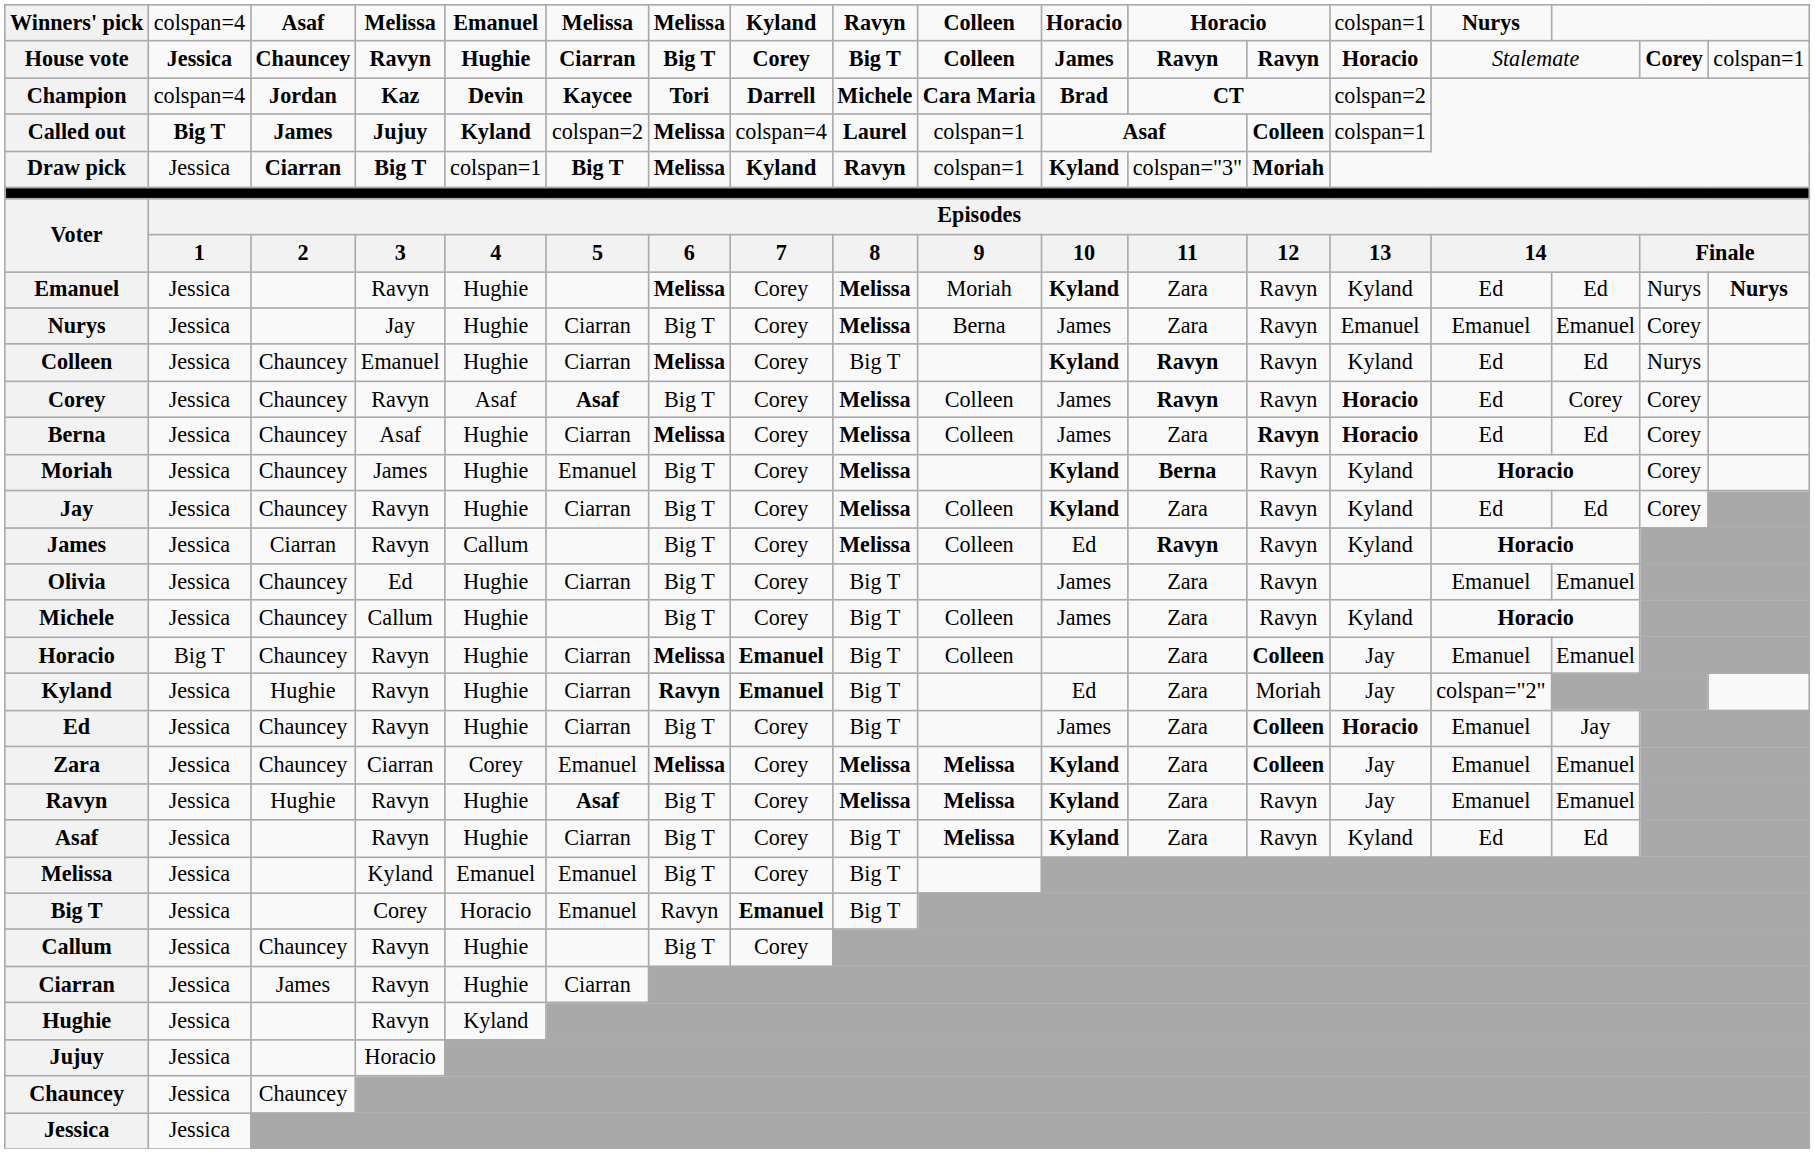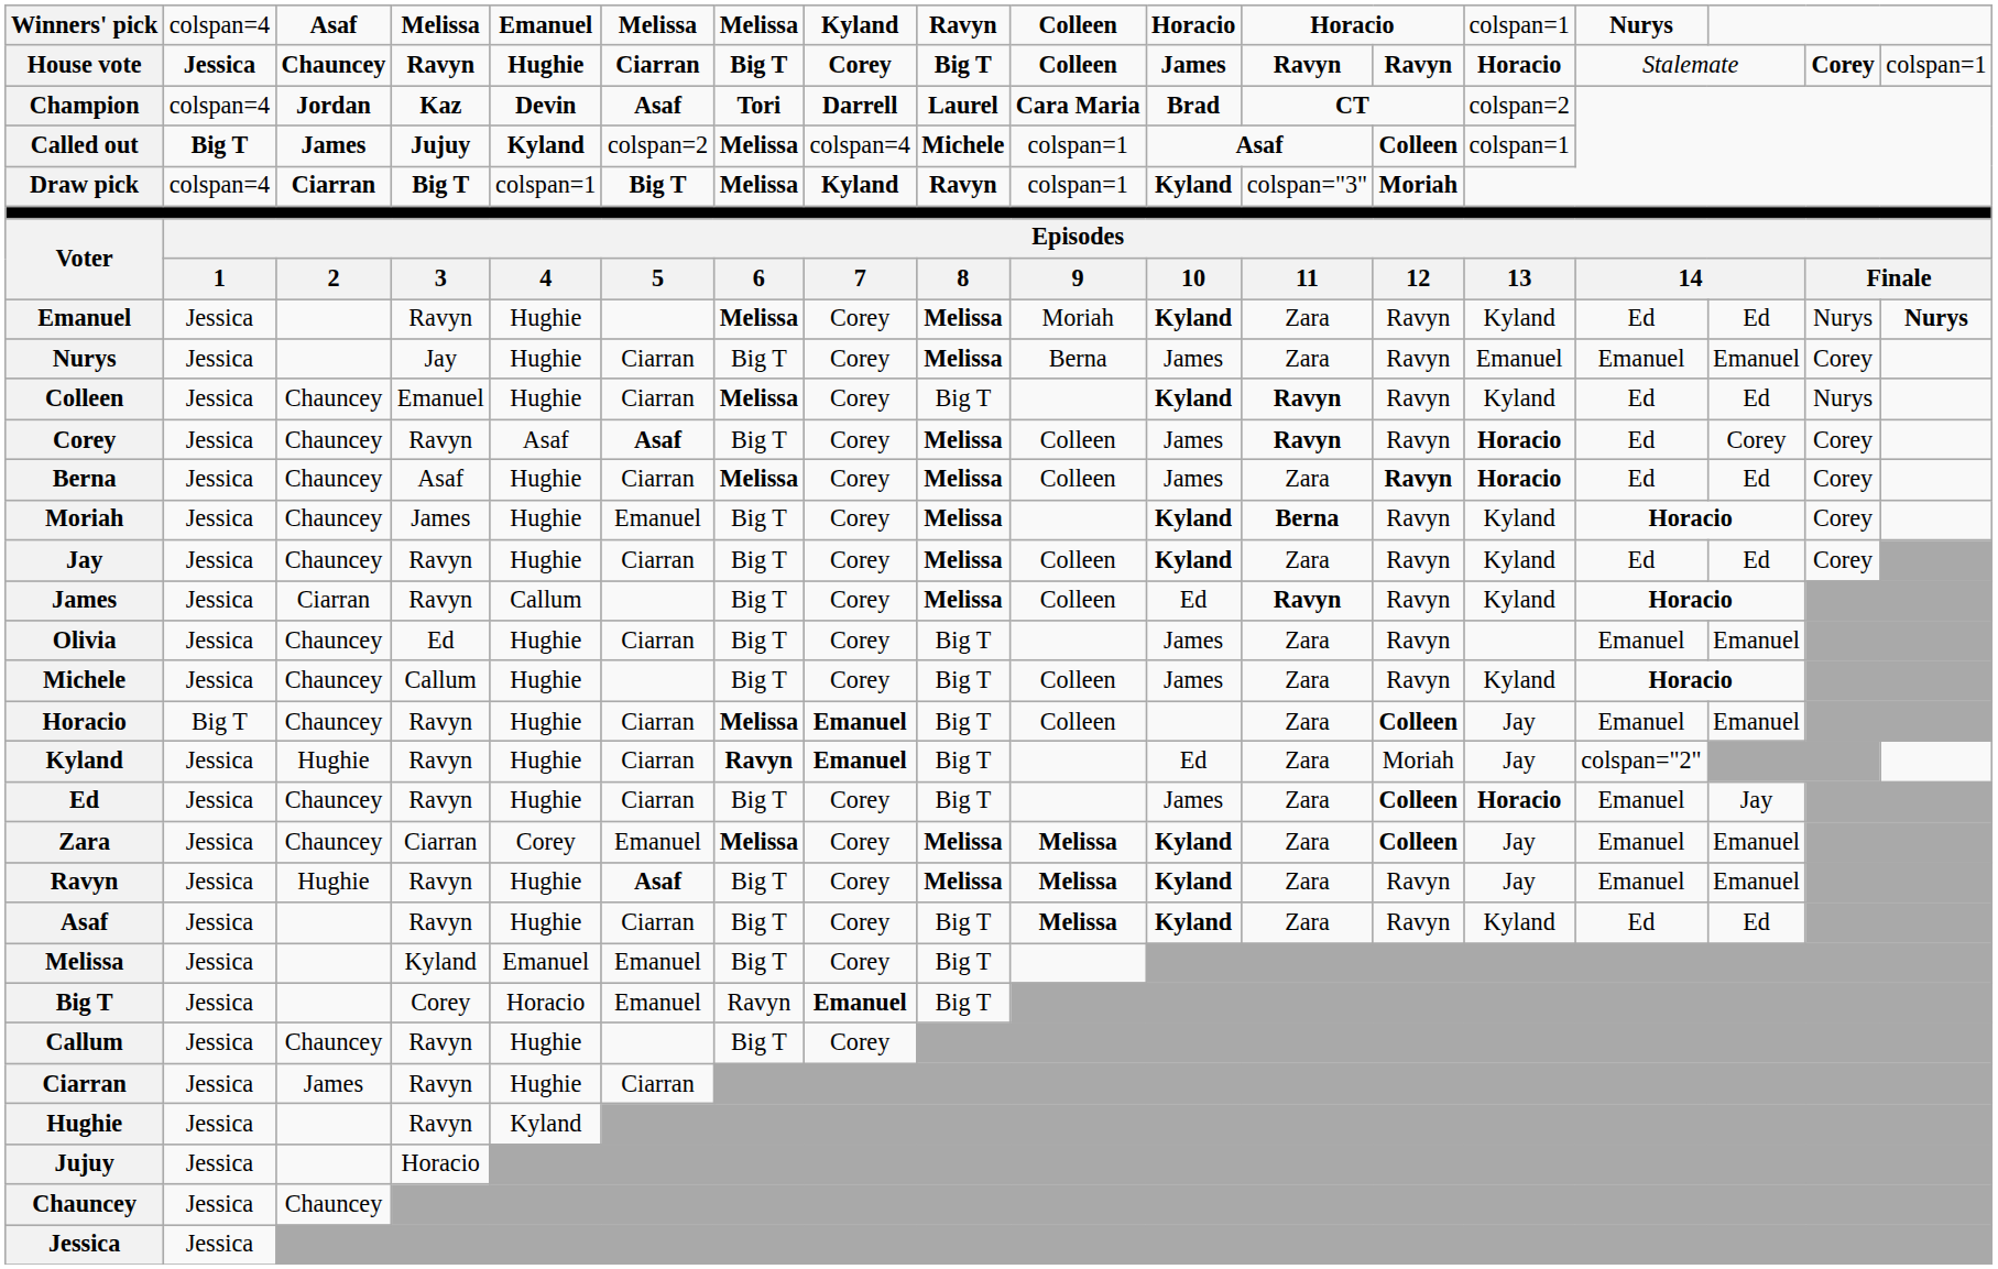 <table class="wikitable" style="text-align:center; font-size:85%; white-space:nowrap;">
 <tr>
 <th>Winners' pick</th>
 <td>colspan=4 </td>
 <td><strong>Asaf</strong><br></td>
 <td><strong>Melissa</strong><br></td>
 <td><strong>Emanuel</strong><br></td>
 <td><strong>Melissa</strong><br></td>
 <td><strong>Melissa</strong><br></td>
 <td><strong>Kyland</strong><br></td>
 <td><strong>Ravyn</strong><br></td>
 <td><strong>Colleen</strong><br></td>
 <td><strong>Horacio</strong><br></td>
 <td colspan="2"><strong>Horacio</strong><br></td>
 <td>colspan=1 </td>
 <td><strong>Nurys</strong><br></td>
 </tr>
 <tr>
 <th>House vote</th>
 <td><strong>Jessica</strong><br></td>
 <td><strong>Chauncey</strong><br></td>
 <td><strong>Ravyn</strong><br></td>
 <td><strong>Hughie</strong><br></td>
 <td><strong>Ciarran</strong><br></td>
 <td><strong>Big T</strong><br></td>
 <td><strong>Corey</strong><br></td>
 <td><strong>Big T</strong><br></td>
 <td><strong>Colleen</strong><br></td>
 <td><strong>James</strong><br></td>
 <td><strong>Ravyn</strong></td>
 <td><strong>Ravyn</strong><br></td>
 <td><strong>Horacio</strong></td>
 <td colspan="2"><em>Stalemate</em></td>
 <td><strong>Corey</strong><br></td>
 <td>colspan=1 </td>
 </tr>
 <tr>
 <th>Champion</th>
 <td>colspan=4 </td>
 <td><strong>Jordan</strong></td>
 <td><strong>Kaz</strong></td>
 <td><strong>Devin</strong></td>
-<td><strong>Kaycee</strong></td>
+<td><strong>Asaf</strong></td>
 <td><strong>Tori</strong></td>
 <td><strong>Darrell</strong></td>
-<td><strong>Michele</strong><br></td>
+<td><strong>Laurel</strong></td>
 <td><strong>Cara Maria</strong></td>
 <td><strong>Brad</strong></td>
 <td colspan="2"><strong>CT</strong></td>
 <td>colspan=2 </td>
 </tr>
 <tr>
 <th>Called out</th>
 <td><strong>Big T</strong><br></td>
 <td><strong>James</strong><br></td>
 <td><strong>Jujuy</strong><br></td>
 <td><strong>Kyland</strong><br></td>
 <td>colspan=2 </td>
 <td><strong>Melissa</strong></td>
 <td>colspan=4 </td>
-<td><strong>Laurel</strong></td>
+<td><strong>Michele</strong><br></td>
 <td>colspan=1 </td>
 <td colspan="2"><strong>Asaf</strong><br></td>
 <td><strong>Colleen</strong></td>
 <td>colspan=1 </td>
 </tr>
 <tr>
 <th>Draw pick</th>
-<td>Jessica</td>
+<td>colspan=4 </td>
 <td><strong>Ciarran</strong></td>
 <td><strong>Big T</strong></td>
 <td>colspan=1 </td>
 <td><strong>Big T</strong></td>
 <td><strong>Melissa</strong></td>
 <td><strong>Kyland</strong></td>
 <td><strong>Ravyn</strong></td>
 <td>colspan=1 </td>
 <td><strong>Kyland</strong></td>
 <td>colspan="3" </td>
 <td><strong>Moriah</strong></td>
 </tr>
 <tr>
 <th colspan="18" style="background:black"></th>
 </tr>
 <tr>
 <th rowspan=2>Voter</th>
 <th colspan="17">Episodes</th>
 </tr>
 <tr>
 <th>1</th>
 <th>2</th>
 <th>3</th>
 <th>4</th>
 <th>5</th>
 <th>6</th>
 <th>7</th>
 <th>8</th>
 <th>9</th>
 <th>10</th>
 <th>11</th>
 <th>12</th>
 <th>13</th>
 <th colspan="2">14</th>
 <th colspan="2">Finale</th>
 </tr>
 <tr>
 <th>Emanuel</th>
 <td>Jessica</td>
 <td></td>
 <td>Ravyn</td>
 <td>Hughie</td>
 <td></td>
 <td><strong>Melissa</strong></td>
 <td>Corey</td>
 <td><strong>Melissa</strong></td>
 <td>Moriah</td>
 <td><strong>Kyland</strong></td>
 <td>Zara</td>
 <td>Ravyn</td>
 <td>Kyland</td>
 <td>Ed</td>
 <td>Ed</td>
 <td>Nurys</td>
 <td><strong>Nurys</strong></td>
 </tr>
 <tr>
 <th>Nurys</th>
 <td>Jessica</td>
 <td></td>
 <td>Jay</td>
 <td>Hughie</td>
 <td>Ciarran</td>
 <td>Big T</td>
 <td>Corey</td>
 <td><strong>Melissa</strong></td>
 <td>Berna</td>
 <td>James</td>
 <td>Zara</td>
 <td>Ravyn</td>
 <td>Emanuel</td>
 <td>Emanuel</td>
 <td>Emanuel</td>
 <td>Corey</td>
 <td></td>
 </tr>
 <tr>
 <th>Colleen</th>
 <td>Jessica</td>
 <td>Chauncey</td>
 <td>Emanuel</td>
 <td>Hughie</td>
 <td>Ciarran</td>
 <td><strong>Melissa</strong></td>
 <td>Corey</td>
 <td>Big T</td>
 <td></td>
 <td><strong>Kyland</strong></td>
 <td><strong>Ravyn</strong></td>
 <td>Ravyn</td>
 <td>Kyland</td>
 <td>Ed</td>
 <td>Ed</td>
 <td>Nurys</td>
 <td></td>
 </tr>
 <tr>
 <th>Corey</th>
 <td>Jessica</td>
 <td>Chauncey</td>
 <td>Ravyn</td>
 <td>Asaf</td>
 <td><strong>Asaf</strong></td>
 <td>Big T</td>
 <td>Corey</td>
 <td><strong>Melissa</strong></td>
 <td>Colleen</td>
 <td>James</td>
 <td><strong>Ravyn</strong></td>
 <td>Ravyn</td>
 <td><strong>Horacio</strong></td>
 <td>Ed</td>
 <td>Corey</td>
 <td>Corey</td>
 <td></td>
 </tr>
 <tr>
 <th>Berna</th>
 <td>Jessica</td>
 <td>Chauncey</td>
 <td>Asaf</td>
 <td>Hughie</td>
 <td>Ciarran</td>
 <td><strong>Melissa</strong></td>
 <td>Corey</td>
 <td><strong>Melissa</strong></td>
 <td>Colleen</td>
 <td>James</td>
 <td>Zara</td>
 <td><strong>Ravyn</strong></td>
 <td><strong>Horacio</strong></td>
 <td>Ed</td>
 <td>Ed</td>
 <td>Corey</td>
 <td></td>
 </tr>
 <tr>
 <th>Moriah</th>
 <td>Jessica</td>
 <td>Chauncey</td>
 <td>James</td>
 <td>Hughie</td>
 <td>Emanuel</td>
 <td>Big T</td>
 <td>Corey</td>
 <td><strong>Melissa</strong></td>
 <td></td>
 <td><strong>Kyland</strong></td>
 <td><strong>Berna</strong></td>
 <td>Ravyn</td>
 <td>Kyland</td>
 <td colspan="2"><strong>Horacio</strong></td>
 <td>Corey</td>
 <td></td>
 </tr>
 <tr>
 <th>Jay</th>
 <td>Jessica</td>
 <td>Chauncey</td>
 <td>Ravyn</td>
 <td>Hughie</td>
 <td>Ciarran</td>
 <td>Big T</td>
 <td>Corey</td>
 <td><strong>Melissa</strong></td>
 <td>Colleen</td>
 <td><strong>Kyland</strong></td>
 <td>Zara</td>
 <td>Ravyn</td>
 <td>Kyland</td>
 <td>Ed</td>
 <td>Ed</td>
 <td>Corey</td>
 <td colspan="1" style="background:darkgrey; "></td>
 </tr>
 <tr>
 <th>James</th>
 <td>Jessica</td>
 <td>Ciarran</td>
 <td>Ravyn</td>
 <td>Callum</td>
 <td></td>
 <td>Big T</td>
 <td>Corey</td>
 <td><strong>Melissa</strong></td>
 <td>Colleen</td>
 <td>Ed</td>
 <td><strong>Ravyn</strong></td>
 <td>Ravyn</td>
 <td>Kyland</td>
 <td colspan="2"><strong>Horacio</strong></td>
 <td colspan="2" style="background:darkgrey; "></td>
 </tr>
 <tr>
 <th>Olivia</th>
 <td>Jessica</td>
 <td>Chauncey</td>
 <td>Ed</td>
 <td>Hughie</td>
 <td>Ciarran</td>
 <td>Big T</td>
 <td>Corey</td>
 <td>Big T</td>
 <td></td>
 <td>James</td>
 <td>Zara</td>
 <td>Ravyn</td>
 <td></td>
 <td>Emanuel</td>
 <td>Emanuel</td>
 <td colspan="2" style="background:darkgrey; "></td>
 </tr>
 <tr>
 <th>Michele</th>
 <td>Jessica</td>
 <td>Chauncey</td>
 <td>Callum</td>
 <td>Hughie</td>
 <td></td>
 <td>Big T</td>
 <td>Corey</td>
 <td>Big T</td>
 <td>Colleen</td>
 <td>James</td>
 <td>Zara</td>
 <td>Ravyn</td>
 <td>Kyland</td>
 <td colspan="2"><strong>Horacio</strong></td>
 <td colspan="2" style="background:darkgrey; "></td>
 </tr>
 <tr>
 <th>Horacio</th>
 <td>Big T</td>
 <td>Chauncey</td>
 <td>Ravyn</td>
 <td>Hughie</td>
 <td>Ciarran</td>
 <td><strong>Melissa</strong></td>
 <td><strong>Emanuel</strong></td>
 <td>Big T</td>
 <td>Colleen</td>
 <td></td>
 <td>Zara</td>
 <td><strong>Colleen</strong></td>
 <td>Jay</td>
 <td>Emanuel</td>
 <td>Emanuel</td>
 <td colspan="2" style="background:darkgrey; "></td>
 </tr>
 <tr>
 <th>Kyland</th>
 <td>Jessica</td>
 <td>Hughie</td>
 <td>Ravyn</td>
 <td>Hughie</td>
 <td>Ciarran</td>
 <td><strong>Ravyn</strong></td>
 <td><strong>Emanuel</strong></td>
 <td>Big T</td>
 <td></td>
 <td>Ed</td>
 <td>Zara</td>
 <td>Moriah</td>
 <td>Jay</td>
 <td>colspan="2" </td>
 <td colspan="2" style="background:darkgrey; "></td>
 </tr>
 <tr>
 <th>Ed</th>
 <td>Jessica</td>
 <td>Chauncey</td>
 <td>Ravyn</td>
 <td>Hughie</td>
 <td>Ciarran</td>
 <td>Big T</td>
 <td>Corey</td>
 <td>Big T</td>
 <td></td>
 <td>James</td>
 <td>Zara</td>
 <td><strong>Colleen</strong></td>
 <td><strong>Horacio</strong></td>
 <td>Emanuel</td>
 <td>Jay</td>
 <td colspan="2" style="background:darkgrey; "></td>
 </tr>
 <tr>
 <th>Zara</th>
 <td>Jessica</td>
 <td>Chauncey</td>
 <td>Ciarran</td>
 <td>Corey</td>
 <td>Emanuel</td>
 <td><strong>Melissa</strong></td>
 <td>Corey</td>
 <td><strong>Melissa</strong></td>
 <td><strong>Melissa</strong></td>
 <td><strong>Kyland</strong></td>
 <td>Zara</td>
 <td><strong>Colleen</strong></td>
 <td>Jay</td>
 <td>Emanuel</td>
 <td>Emanuel</td>
 <td colspan="2" style="background:darkgrey; "></td>
 </tr>
 <tr>
 <th>Ravyn</th>
 <td>Jessica</td>
 <td>Hughie</td>
 <td>Ravyn</td>
 <td>Hughie</td>
 <td><strong>Asaf</strong></td>
 <td>Big T</td>
 <td>Corey</td>
 <td><strong>Melissa</strong></td>
 <td><strong>Melissa</strong></td>
 <td><strong>Kyland</strong></td>
 <td>Zara</td>
 <td>Ravyn</td>
 <td>Jay</td>
 <td>Emanuel</td>
 <td>Emanuel</td>
 <td colspan="2" style="background:darkgrey; "></td>
 </tr>
 <tr>
 <th>Asaf</th>
 <td>Jessica</td>
 <td></td>
 <td>Ravyn</td>
 <td>Hughie</td>
 <td>Ciarran</td>
 <td>Big T</td>
 <td>Corey</td>
 <td>Big T</td>
 <td><strong>Melissa</strong></td>
 <td><strong>Kyland</strong></td>
 <td>Zara</td>
 <td>Ravyn</td>
 <td>Kyland</td>
 <td>Ed</td>
 <td>Ed</td>
 <td colspan="2" style="background:darkgrey; "></td>
 </tr>
 <tr>
 <th>Melissa</th>
 <td>Jessica</td>
 <td></td>
 <td>Kyland</td>
 <td>Emanuel</td>
 <td>Emanuel</td>
 <td>Big T</td>
 <td>Corey</td>
 <td>Big T</td>
 <td></td>
 <td colspan="8" style="background:darkgrey; "></td>
 </tr>
 <tr>
 <th>Big T</th>
 <td>Jessica</td>
 <td></td>
 <td>Corey</td>
 <td>Horacio</td>
 <td>Emanuel</td>
 <td>Ravyn</td>
 <td><strong>Emanuel</strong></td>
 <td>Big T</td>
 <td colspan="9" style="background:darkgrey; "></td>
 </tr>
 <tr>
 <th>Callum</th>
 <td>Jessica</td>
 <td>Chauncey</td>
 <td>Ravyn</td>
 <td>Hughie</td>
 <td></td>
 <td>Big T</td>
 <td>Corey</td>
 <td colspan="10" style="background:darkgrey; "></td>
 </tr>
 <tr>
 <th>Ciarran</th>
 <td>Jessica</td>
 <td>James</td>
 <td>Ravyn</td>
 <td>Hughie</td>
 <td>Ciarran</td>
 <td colspan="12" style="background:darkgrey; "></td>
 </tr>
 <tr>
 <th>Hughie</th>
 <td>Jessica</td>
 <td></td>
 <td>Ravyn</td>
 <td>Kyland</td>
 <td colspan="13" style="background:darkgrey; "></td>
 </tr>
 <tr>
 <th>Jujuy</th>
 <td>Jessica</td>
 <td></td>
 <td>Horacio</td>
 <td colspan="14" style="background:darkgrey; "></td>
 </tr>
 <tr>
 <th>Chauncey</th>
 <td>Jessica</td>
 <td>Chauncey</td>
 <td colspan="15" style="background:darkgrey; "></td>
 </tr>
 <tr>
 <th>Jessica</th>
 <td>Jessica</td>
 <td colspan="16" style="background:darkgrey; "></td>
 </tr>
 </table>
